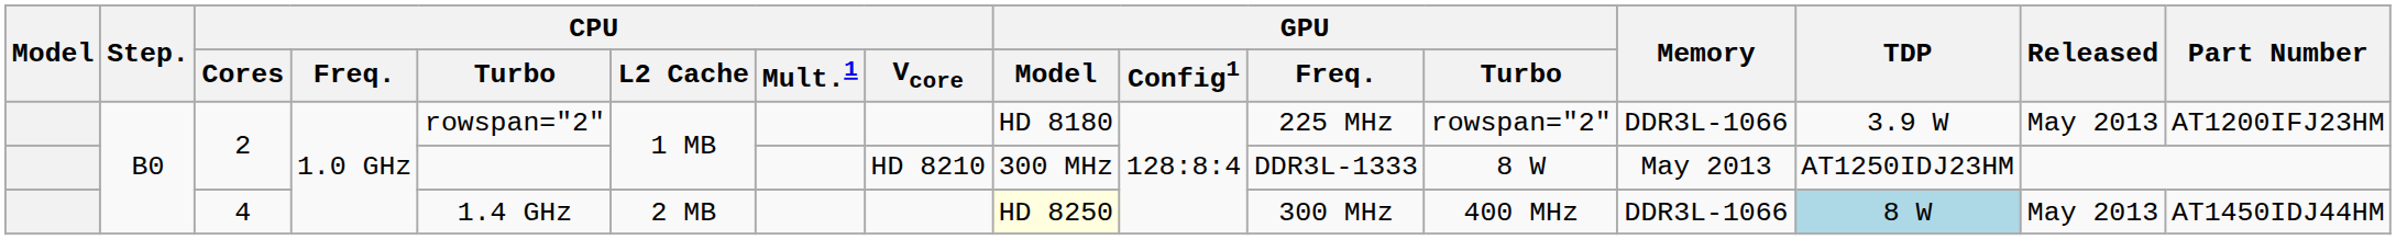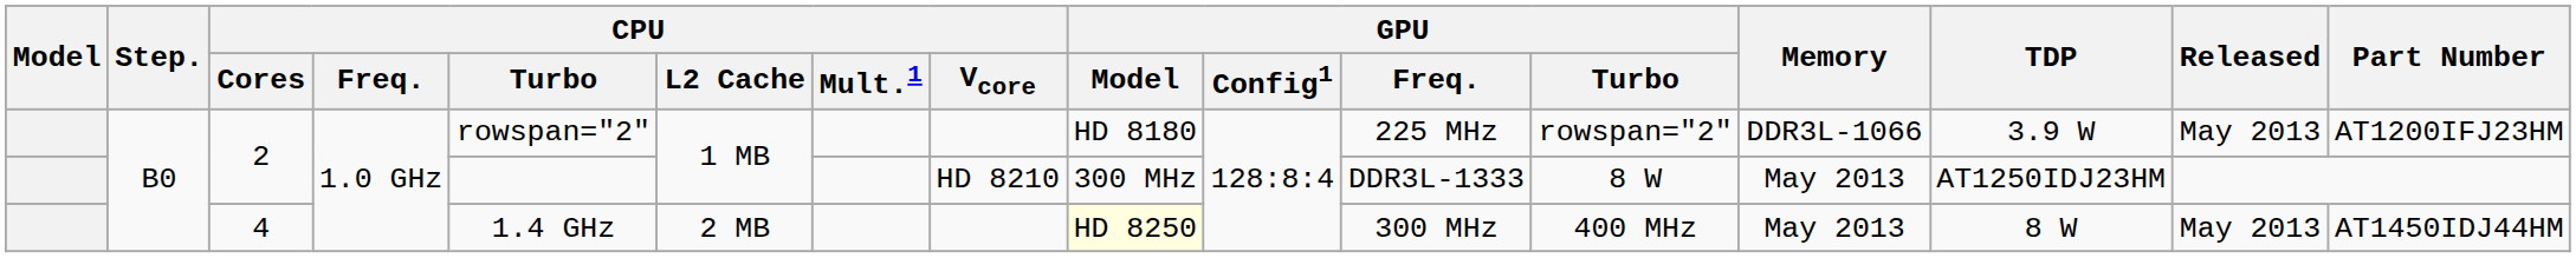 <table class="wikitable" style="text-align: center;">
 <tr>
 <th rowspan="2">Model</th>
 <th rowspan="2">Step.</th>
 <th colspan="6">CPU</th>
 <th colspan="4">GPU</th>
 <th rowspan="2">Memory</th>
 <th rowspan="2">TDP</th>
 <th rowspan="2">Released</th>
 <th rowspan="2">Part Number</th>
 </tr>
 <tr>
 <th>Cores</th>
 <th>Freq.</th>
 <th>Turbo</th>
 <th>L2 Cache</th>
 <th>Mult.<sup><a href='#'>1</a></sup></th>
 <th>V<sub>core</sub></th>
 <th>Model</th>
 <th>Config<sup>1</sup></th>
 <th>Freq.</th>
 <th>Turbo</th>
 </tr>
 <tr>
 <th style="text-align: left;"></th>
 <td rowspan="3">B0</td>
 <td rowspan="2">2</td>
 <td rowspan="3">1.0 GHz</td>
 <td>rowspan="2" </td>
 <td rowspan="2">1 MB</td>
 <td></td>
 <td></td>
 <td>HD 8180</td>
 <td rowspan="3">128:8:4</td>
 <td>225 MHz</td>
 <td>rowspan="2" </td>
 <td>DDR3L-1066</td>
 <td>3.9 W</td>
 <td>May 2013</td>
 <td>AT1200IFJ23HM</td>
 </tr>
 <tr>
 <th style="text-align: left;"></th>
 <td></td>
 <td></td>
 <td>HD 8210</td>
 <td>300 MHz</td>
 <td>DDR3L-1333</td>
 <td>8 W</td>
 <td>May 2013</td>
 <td>AT1250IDJ23HM</td>
 </tr>
 <tr>
 <th style="text-align: left;"></th>
 <td>4</td>
 <td>1.4 GHz</td>
 <td>2 MB</td>
 <td></td>
 <td></td>
 <td style="background: lightyellow;">HD 8250</td>
 <td>300 MHz</td>
 <td>400 MHz</td>
-<td>DDR3L-1066</td>
-<td style="background: lightblue;">8 W</td>
+<td>May 2013</td>
+<td>8 W</td>
 <td>May 2013</td>
 <td>AT1450IDJ44HM</td>
 </tr>
 </table>
